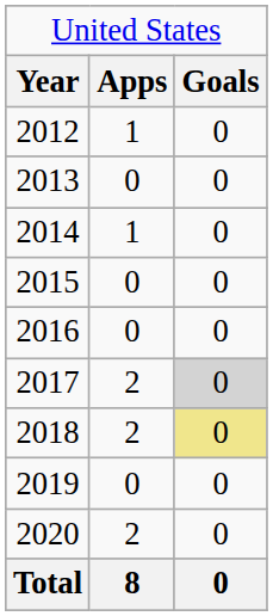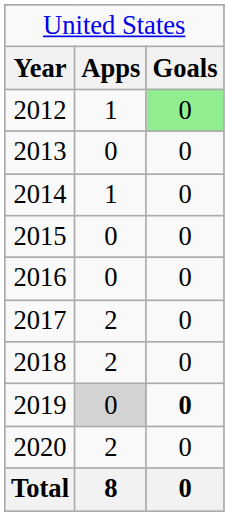 <table class="wikitable" style="text-align:center">
 <tr>
 <td colspan=3><a href='#'>United States</a></td>
 </tr>
 <tr>
 <th>Year</th>
 <th>Apps</th>
 <th>Goals</th>
 </tr>
 <tr>
 <td>2012</td>
 <td>1</td>
-<td>0</td>
+<td style="background: lightgreen;">0</td>
 </tr>
 <tr>
 <td>2013</td>
 <td>0</td>
 <td>0</td>
 </tr>
 <tr>
 <td>2014</td>
 <td>1</td>
 <td>0</td>
 </tr>
 <tr>
 <td>2015</td>
 <td>0</td>
 <td>0</td>
 </tr>
 <tr>
 <td>2016</td>
 <td>0</td>
 <td>0</td>
 </tr>
 <tr>
 <td>2017</td>
 <td>2</td>
-<td style="background: lightgrey;">0</td>
+<td>0</td>
 </tr>
 <tr>
 <td>2018</td>
 <td>2</td>
-<td style="background: khaki;">0</td>
+<td>0</td>
 </tr>
 <tr>
 <td>2019</td>
-<td>0</td>
-<td>0</td>
+<td style="background: lightgrey;">0</td>
+<td><strong>0</strong></td>
 </tr>
 <tr>
 <td>2020</td>
 <td>2</td>
 <td>0</td>
 </tr>
 <tr>
 <th>Total</th>
 <th>8</th>
 <th>0</th>
 </tr>
 </table>
